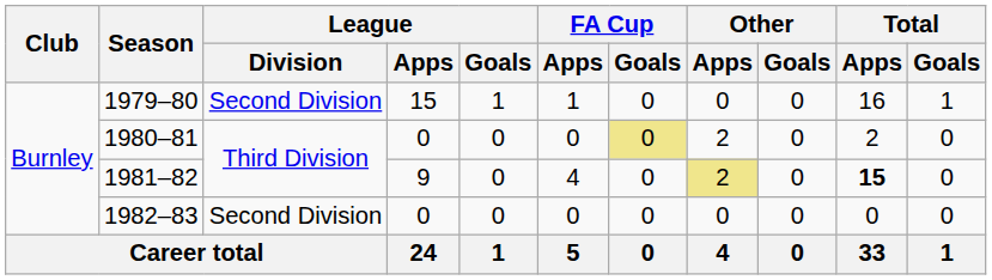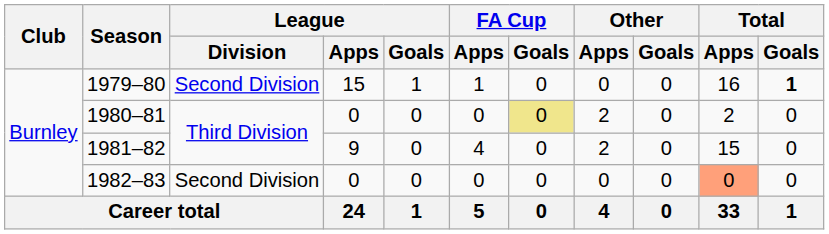 <table class="wikitable" style="text-align:center">
 <tr>
 <th rowspan="2">Club</th>
 <th rowspan="2">Season</th>
 <th colspan="3">League</th>
 <th colspan="2"><a href='#'>FA Cup</a></th>
 <th colspan="2">Other</th>
 <th colspan="2">Total</th>
 </tr>
 <tr>
 <th>Division</th>
 <th>Apps</th>
 <th>Goals</th>
 <th>Apps</th>
 <th>Goals</th>
 <th>Apps</th>
 <th>Goals</th>
 <th>Apps</th>
 <th>Goals</th>
 </tr>
 <tr>
 <td rowspan="4"><a href='#'>Burnley</a></td>
 <td>1979–80</td>
 <td><a href='#'>Second Division</a></td>
 <td>15</td>
 <td>1</td>
 <td>1</td>
 <td>0</td>
 <td>0</td>
 <td>0</td>
 <td>16</td>
-<td>1</td>
+<td><strong>1</strong></td>
 </tr>
 <tr>
 <td>1980–81</td>
 <td rowspan="2"><a href='#'>Third Division</a></td>
 <td>0</td>
 <td>0</td>
 <td>0</td>
 <td style="background: khaki;">0</td>
 <td>2</td>
 <td>0</td>
 <td>2</td>
 <td>0</td>
 </tr>
 <tr>
 <td>1981–82</td>
 <td>9</td>
 <td>0</td>
 <td>4</td>
 <td>0</td>
-<td style="background: khaki;">2</td>
+<td>2</td>
 <td>0</td>
-<td><strong>15</strong></td>
+<td>15</td>
 <td>0</td>
 </tr>
 <tr>
 <td>1982–83</td>
 <td>Second Division</td>
 <td>0</td>
 <td>0</td>
 <td>0</td>
 <td>0</td>
 <td>0</td>
 <td>0</td>
-<td>0</td>
+<td style="background: lightsalmon;">0</td>
 <td>0</td>
 </tr>
 <tr>
 <th colspan="3">Career total</th>
 <th>24</th>
 <th>1</th>
 <th>5</th>
 <th>0</th>
 <th>4</th>
 <th>0</th>
 <th>33</th>
 <th>1</th>
 </tr>
 </table>
